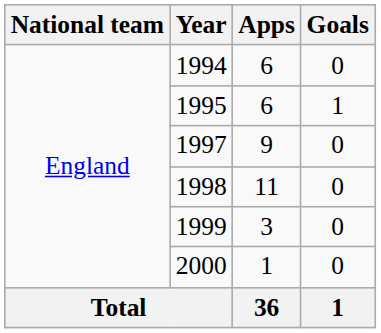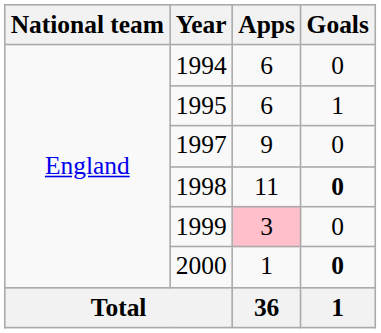 <table class="wikitable" style="text-align:center">
 <tr>
 <th>National team</th>
 <th>Year</th>
 <th>Apps</th>
 <th>Goals</th>
 </tr>
 <tr>
 <td rowspan="6"><a href='#'>England</a></td>
 <td>1994</td>
 <td>6</td>
 <td>0</td>
 </tr>
 <tr>
 <td>1995</td>
 <td>6</td>
 <td>1</td>
 </tr>
 <tr>
 <td>1997</td>
 <td>9</td>
 <td>0</td>
 </tr>
 <tr>
 <td>1998</td>
 <td>11</td>
-<td>0</td>
+<td><strong>0</strong></td>
 </tr>
 <tr>
 <td>1999</td>
-<td>3</td>
+<td style="background: pink;">3</td>
 <td>0</td>
 </tr>
 <tr>
 <td>2000</td>
 <td>1</td>
-<td>0</td>
+<td><strong>0</strong></td>
 </tr>
 <tr>
 <th colspan="2">Total</th>
 <th>36</th>
 <th>1</th>
 </tr>
 </table>
